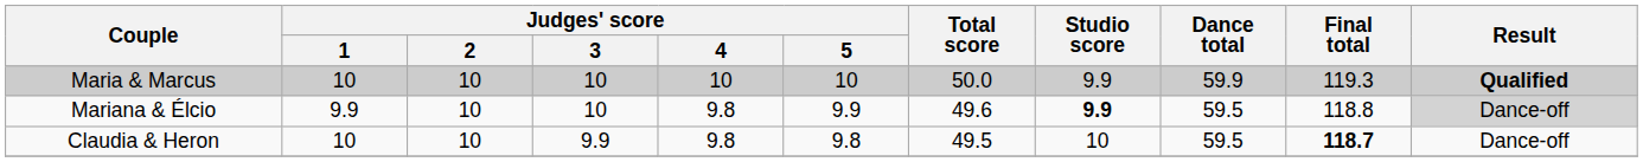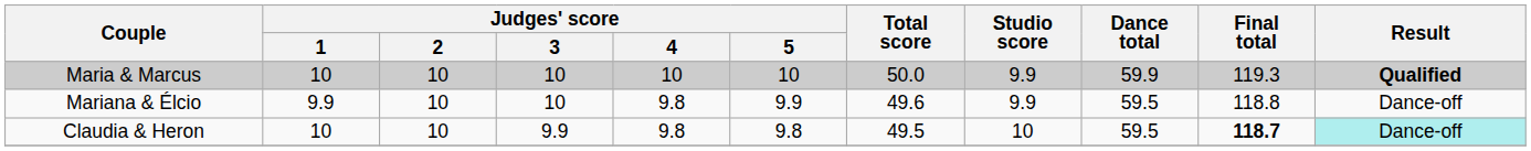 <table class="wikitable" style="font-size:100%; line-height:16px; text-align:center" width="100%">
 <tr>
 <th rowspan=2 width="11.0%">Couple</th>
 <th colspan=5 width="25.0%">Judges' score</th>
 <th rowspan=2 width="05.0%">Total<br>score</th>
 <th rowspan=2 width="05.0%">Studio<br>score</th>
 <th rowspan=2 width="05.0%">Dance<br>total</th>
 <th rowspan=2 width="05.0%">Final<br>total</th>
 <th rowspan=2 width="09.0%">Result</th>
 </tr>
 <tr>
 <th width="05.0%">1</th>
 <th width="05.0%">2</th>
 <th width="05.0%">3</th>
 <th width="05.0%">4</th>
 <th width="05.0%">5</th>
 </tr>
 <tr bgcolor=CCCCCC>
 <td>Maria & Marcus</td>
 <td>10</td>
 <td>10</td>
 <td>10</td>
 <td>10</td>
 <td>10</td>
 <td>50.0</td>
 <td>9.9</td>
 <td>59.9</td>
 <td>119.3</td>
 <td><strong>Qualified</strong></td>
 </tr>
 <tr>
 <td>Mariana & Élcio</td>
 <td>9.9</td>
 <td>10</td>
 <td>10</td>
 <td>9.8</td>
 <td>9.9</td>
 <td>49.6</td>
-<td><strong>9.9</strong></td>
+<td>9.9</td>
 <td>59.5</td>
 <td>118.8</td>
-<td style="background: lightgrey;">Dance-off</td>
+<td>Dance-off</td>
 </tr>
 <tr>
 <td>Claudia & Heron</td>
 <td>10</td>
 <td>10</td>
 <td>9.9</td>
 <td>9.8</td>
 <td>9.8</td>
 <td>49.5</td>
 <td>10</td>
 <td>59.5</td>
 <td><strong>118.7</strong></td>
-<td>Dance-off</td>
+<td style="background: paleturquoise;">Dance-off</td>
 </tr>
 <tr>
 </tr>
 </table>
